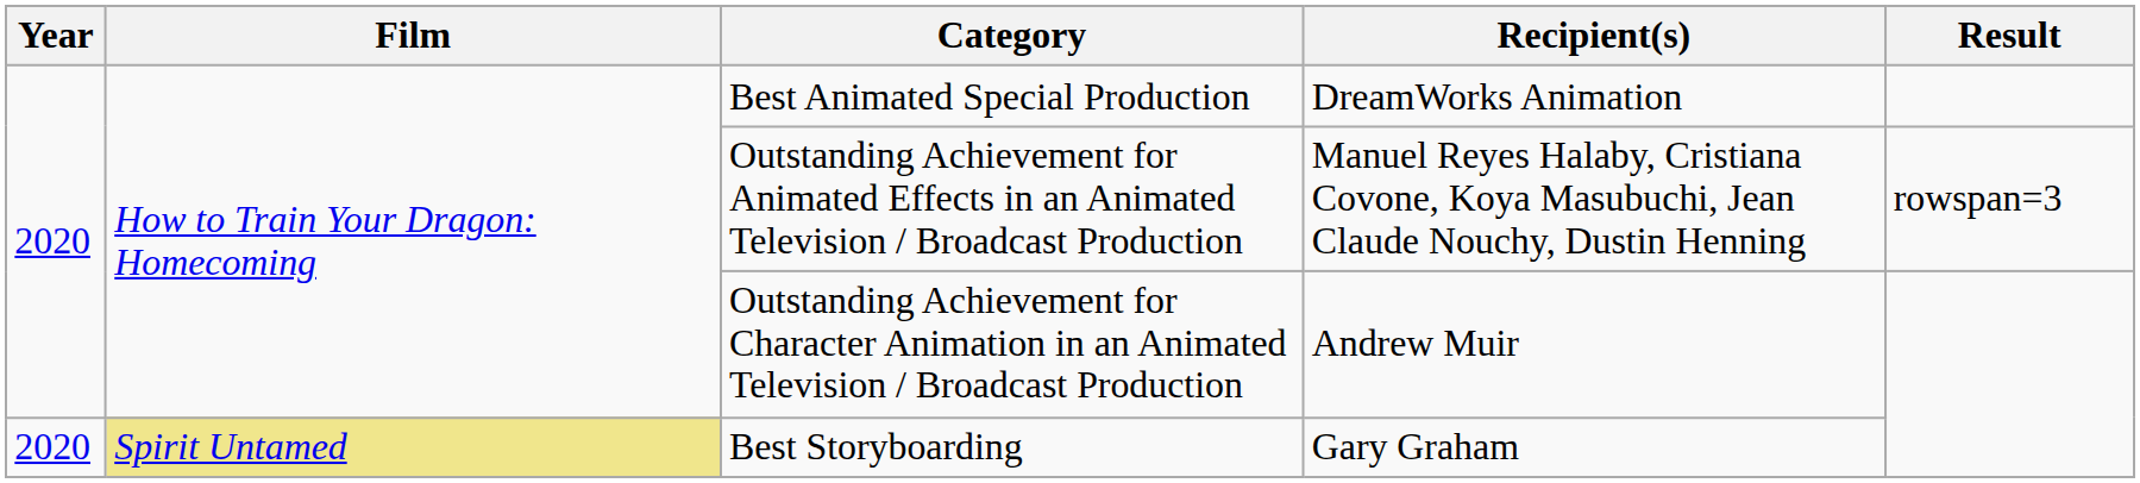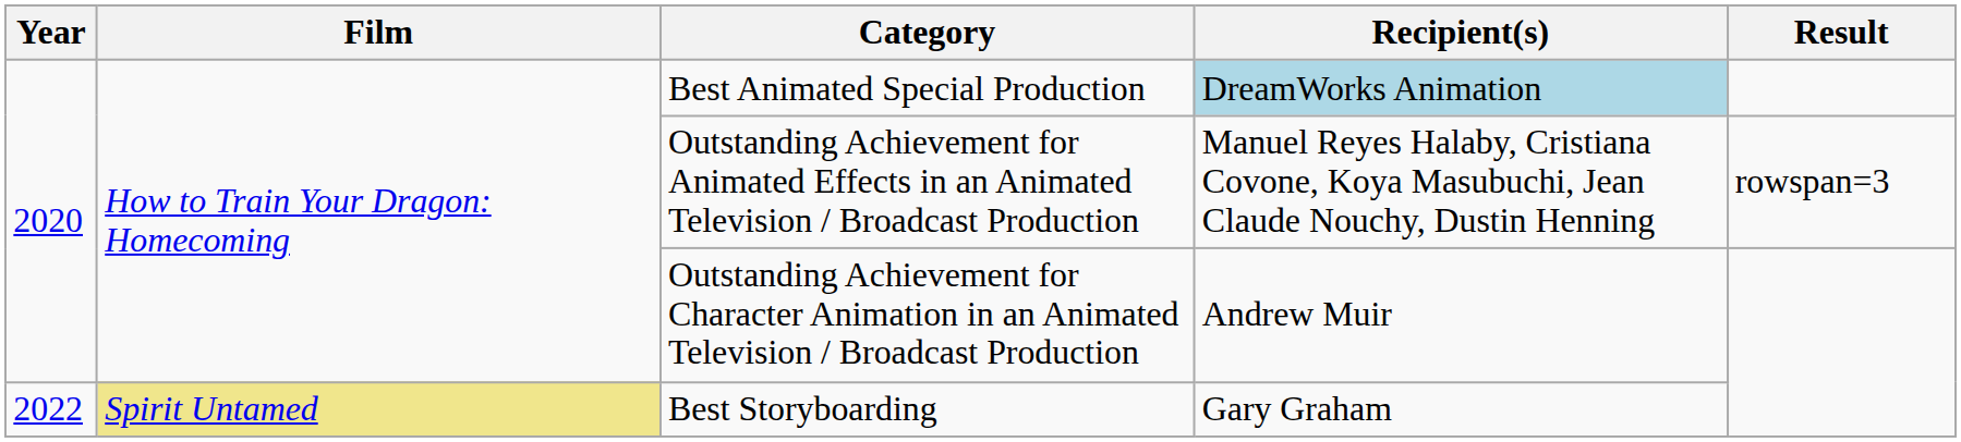 <table class="wikitable" style="max-width:900px;">
 <tr>
 <th width=35px>Year</th>
 <th width=265px>Film</th>
 <th width=250px>Category</th>
 <th width=250px>Recipient(s)</th>
 <th width=100px>Result</th>
 </tr>
 <tr>
 <td rowspan=3><a href='#'>2020</a></td>
 <td rowspan=3><em><a href='#'>How to Train Your Dragon: Homecoming</a></em></td>
 <td>Best Animated Special Production</td>
-<td>DreamWorks Animation</td>
+<td style="background: lightblue;">DreamWorks Animation</td>
 <td></td>
 </tr>
 <tr>
 <td rowspan=1>Outstanding Achievement for Animated Effects in an Animated Television / Broadcast Production</td>
 <td>Manuel Reyes Halaby, Cristiana Covone, Koya Masubuchi, Jean Claude Nouchy, Dustin Henning</td>
 <td>rowspan=3 </td>
 </tr>
 <tr>
 <td>Outstanding Achievement for Character Animation in an Animated Television / Broadcast Production</td>
 <td>Andrew Muir</td>
 </tr>
 <tr>
-<td><a href='#'>2020</a></td>
+<td><a href='#'>2022</a></td>
 <td style="background: khaki;"><em><a href='#'>Spirit Untamed</a></em></td>
 <td>Best Storyboarding</td>
 <td>Gary Graham</td>
 </tr>
 </table>
